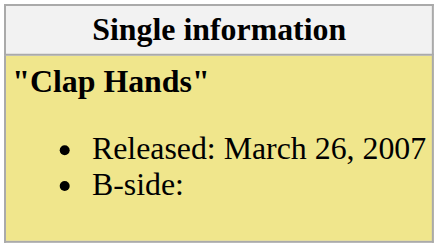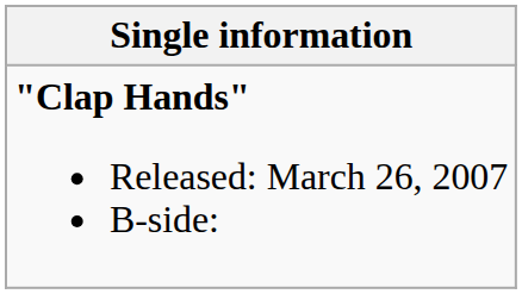 <table class="wikitable">
 <tr>
 <th align="all"><strong>Single information</strong></th>
 </tr>
 <tr>
-<td align="left" style="background: khaki;"><strong>"Clap Hands"</strong><br><ul><li>Released: March 26, 2007</li><li>B-side:</li></ul></td>
+<td align="left"><strong>"Clap Hands"</strong><br><ul><li>Released: March 26, 2007</li><li>B-side:</li></ul></td>
 </tr>
 </table>
